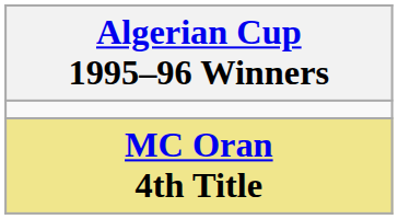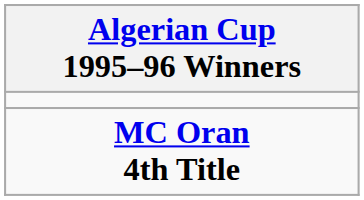 <table class="wikitable" style="text-align: center; margin: 0 auto; width: 20%">
 <tr>
 <th><a href='#'>Algerian Cup</a><br>1995–96 Winners</th>
 </tr>
 <tr>
 <td></td>
 </tr>
 <tr>
-<td style="background: khaki;"><strong><a href='#'>MC Oran</a></strong><br><strong>4th Title</strong></td>
+<td><strong><a href='#'>MC Oran</a></strong><br><strong>4th Title</strong></td>
 </tr>
 </table>
